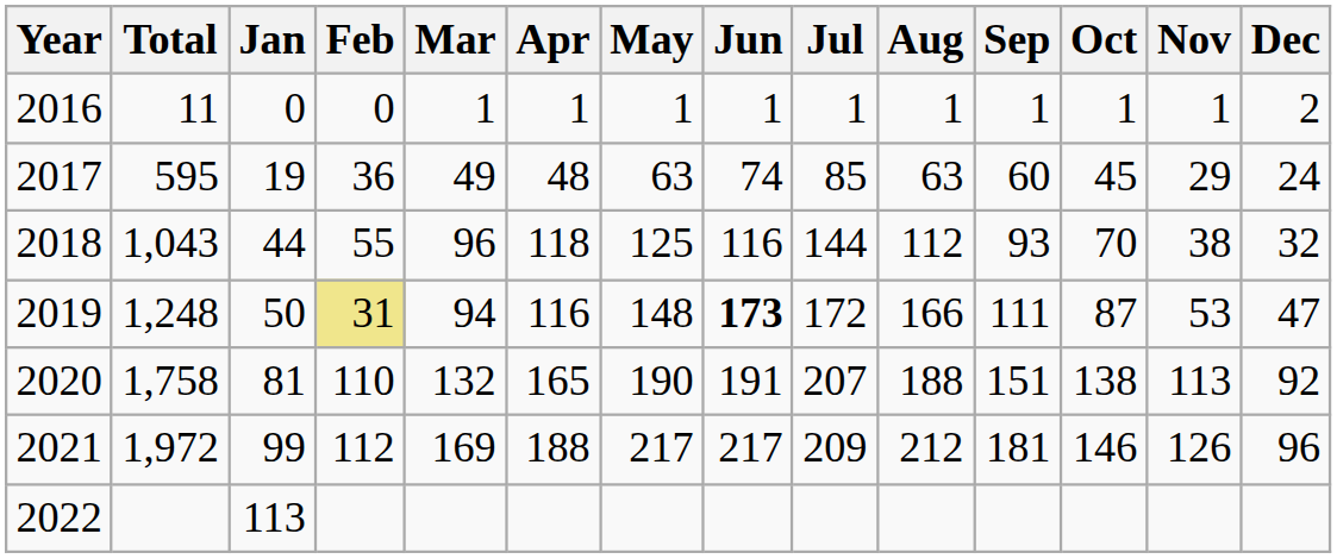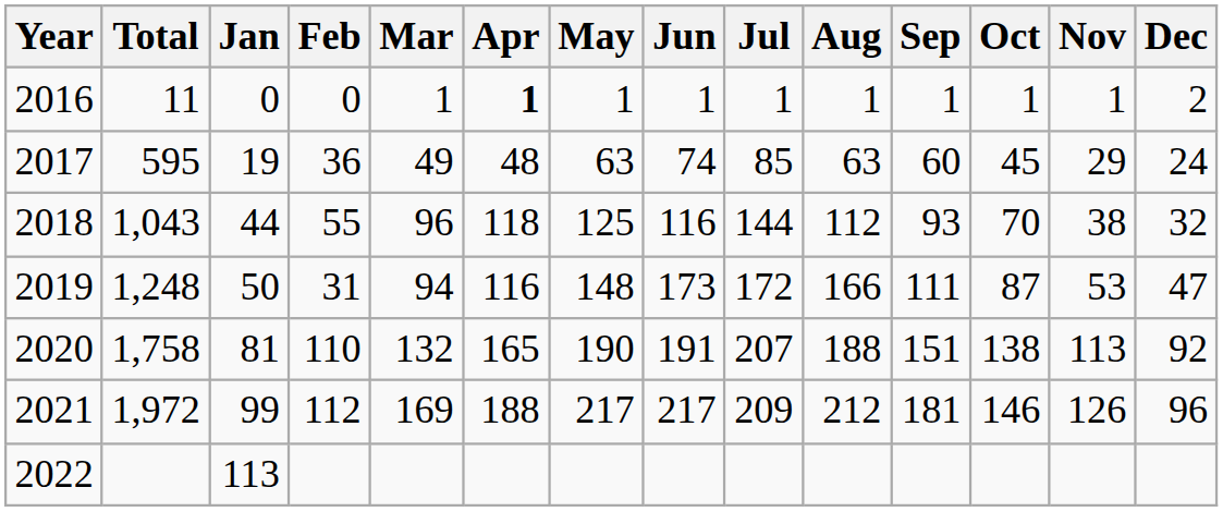 <table class="wikitable" style="text-align:right;">
 <tr>
 <th>Year</th>
 <th>Total</th>
 <th>Jan</th>
 <th>Feb</th>
 <th>Mar</th>
 <th>Apr</th>
 <th>May</th>
 <th>Jun</th>
 <th>Jul</th>
 <th>Aug</th>
 <th>Sep</th>
 <th>Oct</th>
 <th>Nov</th>
 <th>Dec</th>
 </tr>
 <tr align=right>
 <td>2016</td>
 <td>11</td>
 <td>0</td>
 <td>0</td>
 <td>1</td>
-<td>1</td>
+<td><strong>1</strong></td>
 <td>1</td>
 <td>1</td>
 <td>1</td>
 <td>1</td>
 <td>1</td>
 <td>1</td>
 <td>1</td>
 <td>2</td>
 </tr>
 <tr align=right>
 <td>2017</td>
 <td>595</td>
 <td>19</td>
 <td>36</td>
 <td>49</td>
 <td>48</td>
 <td>63</td>
 <td>74</td>
 <td>85</td>
 <td>63</td>
 <td>60</td>
 <td>45</td>
 <td>29</td>
 <td>24</td>
 </tr>
 <tr align=right>
 <td>2018</td>
 <td>1,043</td>
 <td>44</td>
 <td>55</td>
 <td>96</td>
 <td>118</td>
 <td>125</td>
 <td>116</td>
 <td>144</td>
 <td>112</td>
 <td>93</td>
 <td>70</td>
 <td>38</td>
 <td>32</td>
 </tr>
 <tr align=right>
 <td>2019</td>
 <td>1,248</td>
 <td>50</td>
-<td style="background: khaki;">31</td>
+<td>31</td>
 <td>94</td>
 <td>116</td>
 <td>148</td>
-<td><strong>173</strong></td>
+<td>173</td>
 <td>172</td>
 <td>166</td>
 <td>111</td>
 <td>87</td>
 <td>53</td>
 <td>47</td>
 </tr>
 <tr align=right>
 <td>2020</td>
 <td>1,758</td>
 <td>81</td>
 <td>110</td>
 <td>132</td>
 <td>165</td>
 <td>190</td>
 <td>191</td>
 <td>207</td>
 <td>188</td>
 <td>151</td>
 <td>138</td>
 <td>113</td>
 <td>92</td>
 </tr>
 <tr align=right>
 <td>2021</td>
 <td>1,972</td>
 <td>99</td>
 <td>112</td>
 <td>169</td>
 <td>188</td>
 <td>217</td>
 <td>217</td>
 <td>209</td>
 <td>212</td>
 <td>181</td>
 <td>146</td>
 <td>126</td>
 <td>96</td>
 </tr>
 <tr align=right>
 <td>2022</td>
 <td></td>
 <td>113</td>
 <td></td>
 <td></td>
 <td></td>
 <td></td>
 <td></td>
 <td></td>
 <td></td>
 <td></td>
 <td></td>
 <td></td>
 </tr>
 </table>
